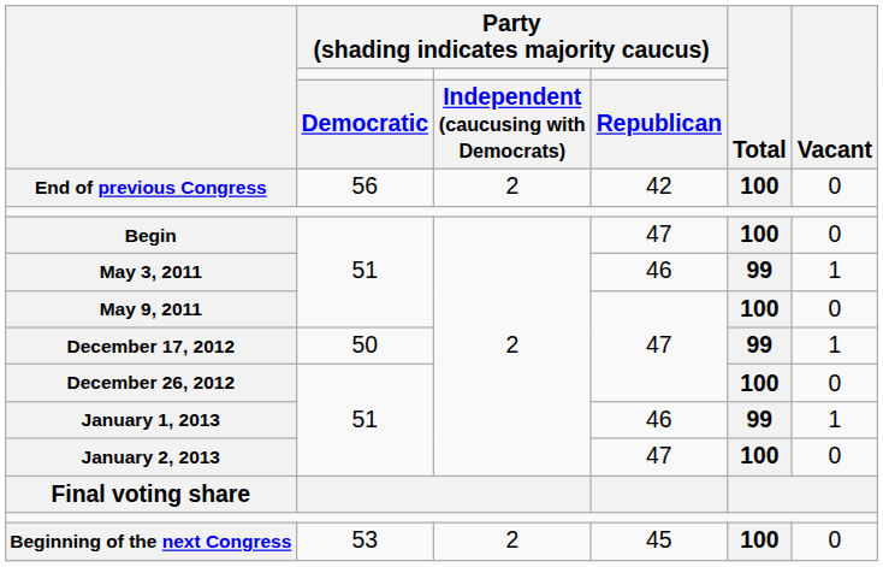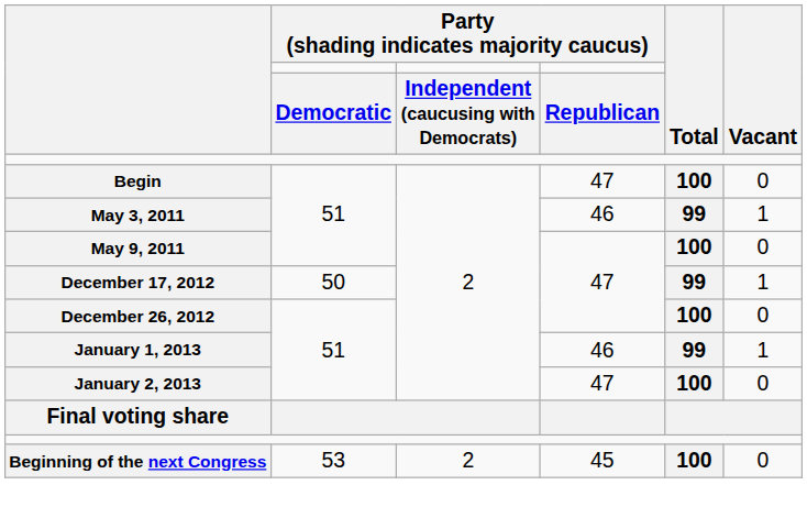 <table class=wikitable style="text-align:center">
 <tr style="vertical-align:bottom;">
 <th rowspan=3></th>
 <th colspan=3>Party <div>(shading indicates majority caucus)</div></th>
 <th rowspan=3>Total</th>
 <th rowspan=3>Vacant</th>
 </tr>
 <tr style="height:5px">
 <td style="background-color:"></td>
 <td style="background-color:"></td>
 <td style="background-color:"></td>
 </tr>
 <tr>
 <th><a href='#'>Democratic</a></th>
 <th><a href='#'>Independent</a><br><small>(caucusing with<br>Democrats)</small></th>
 <th><a href='#'>Republican</a></th>
-</tr>
-<tr>
-<th style="white-space:nowrap; font-size:80%;">End of <a href='#'>previous Congress</a></th>
-<td>56</td>
-<td>2</td>
-<td>42</td>
-<th>100</th>
-<td>0</td>
 </tr>
 <tr>
 <td colspan=6></td>
 </tr>
 <tr>
 <th style="font-size:80%">Begin</th>
 <td rowspan=3 >51</td>
 <td rowspan=7 >2</td>
 <td>47</td>
 <th>100</th>
 <td>0</td>
 </tr>
 <tr>
 <th style="font-size:80%">May 3, 2011 </th>
 <td>46</td>
 <th>99</th>
 <td>1</td>
 </tr>
 <tr>
 <th style="font-size:80%">May 9, 2011 </th>
 <td rowspan=3>47</td>
 <th>100</th>
 <td>0</td>
 </tr>
 <tr>
 <th style="font-size:80%">December 17, 2012 </th>
 <td>50</td>
 <th>99</th>
 <td>1</td>
 </tr>
 <tr>
 <th style="font-size:80%">December 26, 2012 </th>
 <td rowspan=3 >51</td>
 <th>100</th>
 <td>0</td>
 </tr>
 <tr>
 <th style="font-size:80%">January 1, 2013 </th>
 <td>46</td>
 <th>99</th>
 <td>1</td>
 </tr>
 <tr>
 <th style="font-size:80%">January 2, 2013 </th>
 <td>47</td>
 <th>100</th>
 <td>0</td>
 </tr>
 <tr>
 <th>Final voting share</th>
 <th colspan=2 ></th>
 <th></th>
 <th colspan=2></th>
 </tr>
 <tr>
 <td colspan=6></td>
 </tr>
 <tr>
 <th style="white-space:nowrap; font-size:80%;">Beginning of the <a href='#'>next Congress</a></th>
 <td>53</td>
 <td>2</td>
 <td>45</td>
 <th>100</th>
 <td>0</td>
 </tr>
 </table>
